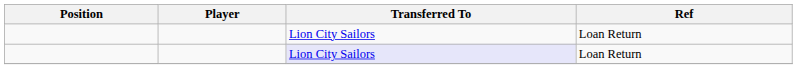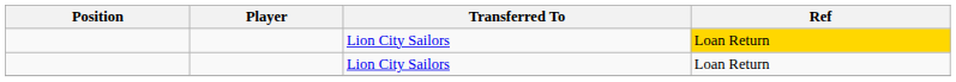 <table class="wikitable sortable" style="width:80%; text-align:center; font-size:100%; text-align:left;">
 <tr>
 <th><strong>Position</strong></th>
 <th><strong>Player</strong></th>
 <th><strong>Transferred To</strong></th>
 <th><strong>Ref</strong></th>
 </tr>
 <tr>
 <td></td>
 <td></td>
 <td> <a href='#'>Lion City Sailors</a></td>
-<td>Loan Return </td>
+<td style="background: gold;">Loan Return </td>
 </tr>
 <tr>
 <td></td>
 <td></td>
-<td style="background: lavender;"> <a href='#'>Lion City Sailors</a></td>
+<td> <a href='#'>Lion City Sailors</a></td>
 <td>Loan Return </td>
 </tr>
 <tr>
 </tr>
 </table>
